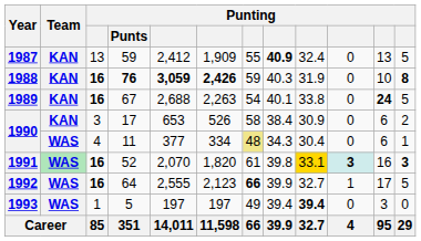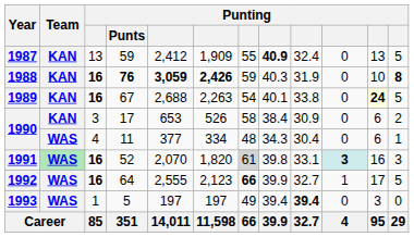 <table class=wikitable style="text-align:center;">
 <tr>
 <th rowspan="2">Year</th>
 <th rowspan="2">Team</th>
 <th colspan="10">Punting</th>
 </tr>
 <tr>
 <th></th>
 <th>Punts</th>
 <th></th>
 <th></th>
 <th></th>
 <th></th>
 <th></th>
 <th></th>
 <th></th>
 <th></th>
 </tr>
 <tr>
 <th><a href='#'>1987</a></th>
 <th><a href='#'>KAN</a></th>
 <td>13</td>
 <td>59</td>
 <td>2,412</td>
 <td>1,909</td>
 <td>55</td>
 <td><strong>40.9</strong></td>
 <td>32.4</td>
 <td>0</td>
 <td>13</td>
 <td>5</td>
 </tr>
 <tr>
 <th><a href='#'>1988</a></th>
 <th><a href='#'>KAN</a></th>
 <td><strong>16</strong></td>
 <td><strong>76</strong></td>
 <td><strong>3,059</strong></td>
 <td><strong>2,426</strong></td>
 <td>59</td>
 <td>40.3</td>
 <td>31.9</td>
 <td>0</td>
 <td>10</td>
 <td><strong>8</strong></td>
 </tr>
 <tr>
 <th><a href='#'>1989</a></th>
 <th><a href='#'>KAN</a></th>
 <td><strong>16</strong></td>
 <td>67</td>
 <td>2,688</td>
 <td>2,263</td>
 <td>54</td>
 <td>40.1</td>
 <td>33.8</td>
 <td>0</td>
-<td><strong>24</strong></td>
+<td style="background: lightyellow;"><strong>24</strong></td>
 <td>5</td>
 </tr>
 <tr>
 <th rowspan="2"><a href='#'>1990</a></th>
 <th><a href='#'>KAN</a></th>
 <td>3</td>
 <td>17</td>
 <td>653</td>
 <td>526</td>
 <td>58</td>
 <td>38.4</td>
 <td>30.9</td>
 <td>0</td>
 <td>6</td>
 <td>2</td>
 </tr>
 <tr>
 <th><a href='#'>WAS</a></th>
 <td>4</td>
 <td>11</td>
 <td>377</td>
 <td>334</td>
-<td style="background: khaki;">48</td>
+<td>48</td>
 <td>34.3</td>
 <td>30.4</td>
 <td>0</td>
 <td>6</td>
 <td>1</td>
 </tr>
 <tr>
 <th><a href='#'>1991</a></th>
 <th style="background:#afe6ba; width:3em;"><a href='#'>WAS</a></th>
 <td><strong>16</strong></td>
 <td>52</td>
 <td>2,070</td>
 <td>1,820</td>
-<td>61</td>
+<td style="background: lightgrey;">61</td>
 <td>39.8</td>
-<td style="background: gold;">33.1</td>
+<td>33.1</td>
 <td style="background:#cfecec; width:3em;"><strong>3</strong></td>
 <td>16</td>
-<td><strong>3</strong></td>
+<td>3</td>
 </tr>
 <tr>
 <th><a href='#'>1992</a></th>
 <th><a href='#'>WAS</a></th>
 <td><strong>16</strong></td>
 <td>64</td>
 <td>2,555</td>
 <td>2,123</td>
 <td><strong>66</strong></td>
 <td>39.9</td>
 <td>32.7</td>
 <td>1</td>
 <td>17</td>
 <td>5</td>
 </tr>
 <tr>
 <th><a href='#'>1993</a></th>
 <th><a href='#'>WAS</a></th>
 <td>1</td>
 <td>5</td>
 <td>197</td>
 <td>197</td>
 <td>49</td>
 <td>39.4</td>
 <td><strong>39.4</strong></td>
 <td>0</td>
 <td>3</td>
 <td>0</td>
 </tr>
 <tr>
 <th colspan="2">Career</th>
 <th>85</th>
 <th>351</th>
 <th>14,011</th>
 <th>11,598</th>
 <th>66</th>
 <th>39.9</th>
 <th>32.7</th>
 <th>4</th>
 <th>95</th>
 <th>29</th>
 </tr>
 </table>
